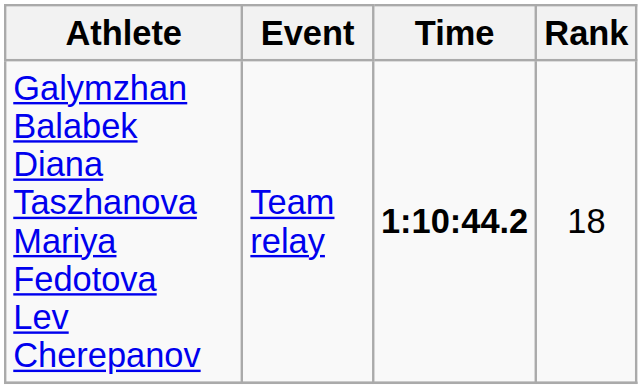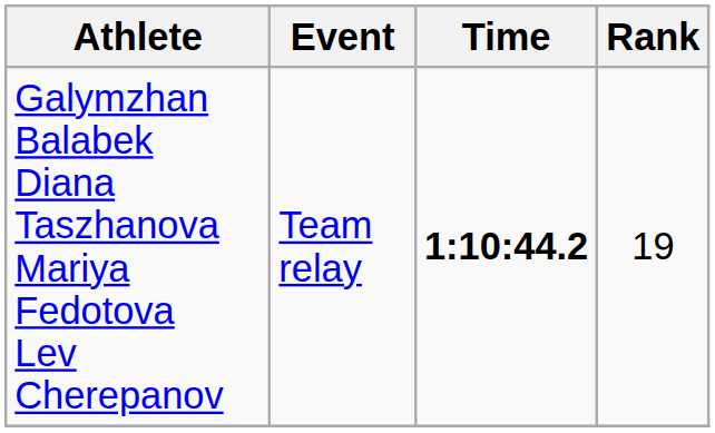 <table class="wikitable" style="text-align:center; font-size:90%; width:30%;">
 <tr>
 <th>Athlete</th>
 <th>Event</th>
 <th>Time</th>
 <th>Rank</th>
 </tr>
 <tr>
 <td align="left"><a href='#'>Galymzhan Balabek</a><br><a href='#'>Diana Taszhanova</a><br><a href='#'>Mariya Fedotova</a><br><a href='#'>Lev Cherepanov</a></td>
 <td align="left"><a href='#'>Team relay</a></td>
 <td><strong>1:10:44.2</strong></td>
-<td>18</td>
+<td>19</td>
 </tr>
 <tr>
 </tr>
 </table>
